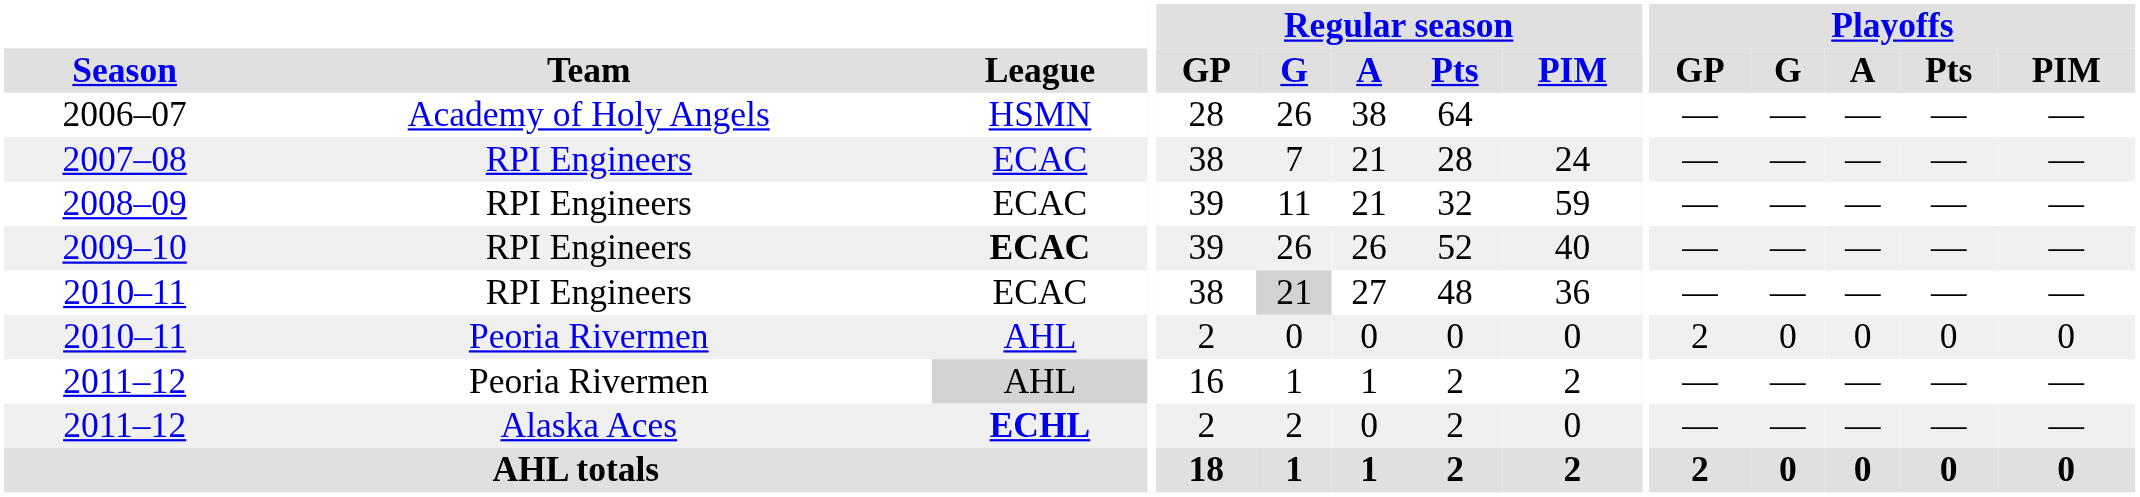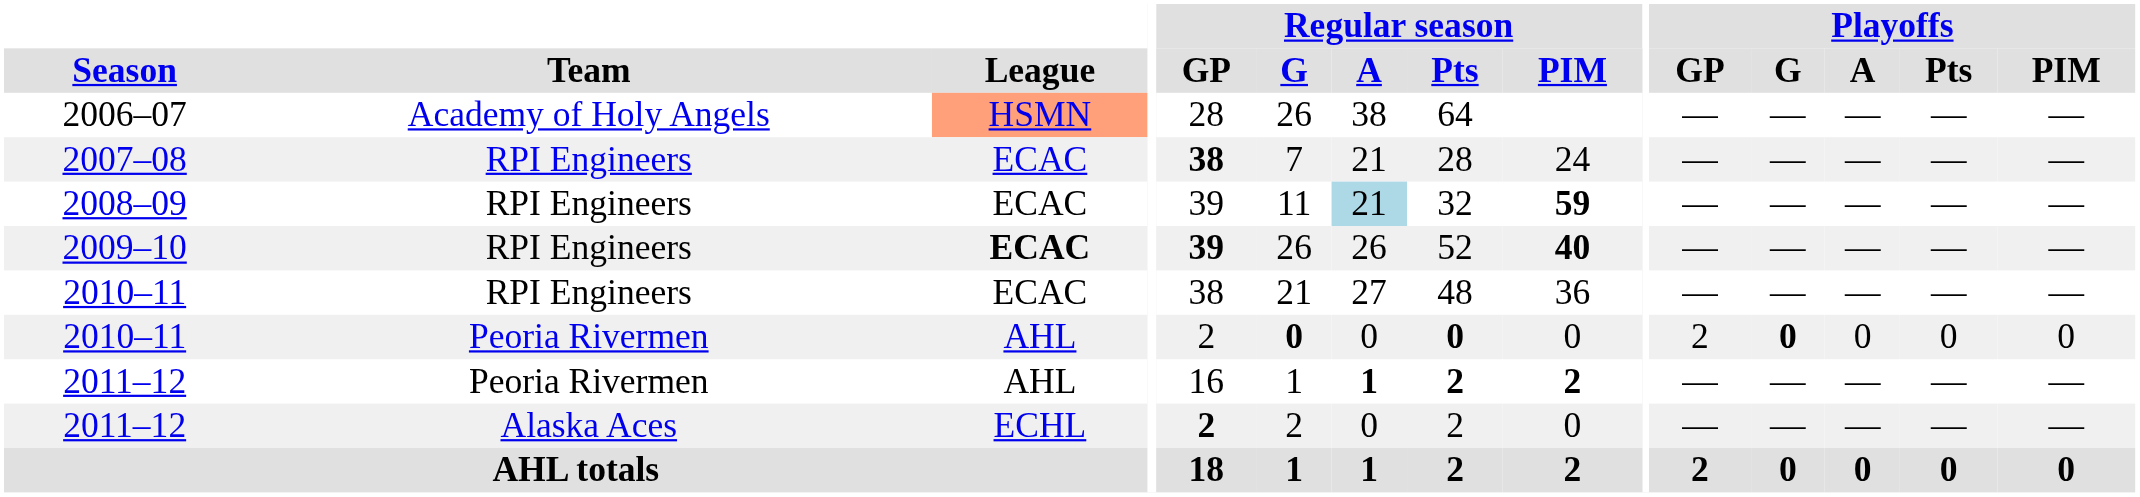 <table border="0" cellpadding="1" cellspacing="0" style="text-align:center; width:60em">
 <tr bgcolor="#e0e0e0">
 <th colspan="3" bgcolor="#ffffff"></th>
 <th rowspan="99" bgcolor="#ffffff"></th>
 <th colspan="5"><a href='#'>Regular season</a></th>
 <th rowspan="99" bgcolor="#ffffff"></th>
 <th colspan="5"><a href='#'>Playoffs</a></th>
 </tr>
 <tr bgcolor="#e0e0e0">
 <th><a href='#'>Season</a></th>
 <th>Team</th>
 <th>League</th>
 <th>GP</th>
 <th><a href='#'>G</a></th>
 <th><a href='#'>A</a></th>
 <th><a href='#'>Pts</a></th>
 <th><a href='#'>PIM</a></th>
 <th>GP</th>
 <th>G</th>
 <th>A</th>
 <th>Pts</th>
 <th>PIM</th>
 </tr>
 <tr>
 <td>2006–07</td>
 <td><a href='#'>Academy of Holy Angels</a></td>
-<td><a href='#'>HSMN</a></td>
+<td style="background: lightsalmon;"><a href='#'>HSMN</a></td>
 <td>28</td>
 <td>26</td>
 <td>38</td>
 <td>64</td>
 <td></td>
 <td>—</td>
 <td>—</td>
 <td>—</td>
 <td>—</td>
 <td>—</td>
 </tr>
 <tr bgcolor="#f0f0f0">
 <td><a href='#'>2007–08</a></td>
 <td><a href='#'>RPI Engineers</a></td>
 <td><a href='#'>ECAC</a></td>
-<td>38</td>
+<td><strong>38</strong></td>
 <td>7</td>
 <td>21</td>
 <td>28</td>
 <td>24</td>
 <td>—</td>
 <td>—</td>
 <td>—</td>
 <td>—</td>
 <td>—</td>
 </tr>
 <tr>
 <td><a href='#'>2008–09</a></td>
 <td>RPI Engineers</td>
 <td>ECAC</td>
 <td>39</td>
 <td>11</td>
-<td>21</td>
+<td style="background: lightblue;">21</td>
 <td>32</td>
-<td>59</td>
+<td><strong>59</strong></td>
 <td>—</td>
 <td>—</td>
 <td>—</td>
 <td>—</td>
 <td>—</td>
 </tr>
 <tr bgcolor="#f0f0f0">
 <td><a href='#'>2009–10</a></td>
 <td>RPI Engineers</td>
 <td><strong>ECAC</strong></td>
-<td>39</td>
+<td><strong>39</strong></td>
 <td>26</td>
 <td>26</td>
 <td>52</td>
-<td>40</td>
+<td><strong>40</strong></td>
 <td>—</td>
 <td>—</td>
 <td>—</td>
 <td>—</td>
 <td>—</td>
 </tr>
 <tr>
 <td><a href='#'>2010–11</a></td>
 <td>RPI Engineers</td>
 <td>ECAC</td>
 <td>38</td>
-<td style="background: lightgrey;">21</td>
+<td>21</td>
 <td>27</td>
 <td>48</td>
 <td>36</td>
 <td>—</td>
 <td>—</td>
 <td>—</td>
 <td>—</td>
 <td>—</td>
 </tr>
 <tr bgcolor="#f0f0f0">
 <td><a href='#'>2010–11</a></td>
 <td><a href='#'>Peoria Rivermen</a></td>
 <td><a href='#'>AHL</a></td>
 <td>2</td>
+<td><strong>0</strong></td>
 <td>0</td>
-<td>0</td>
-<td>0</td>
+<td><strong>0</strong></td>
 <td>0</td>
 <td>2</td>
-<td>0</td>
+<td><strong>0</strong></td>
 <td>0</td>
 <td>0</td>
 <td>0</td>
 </tr>
 <tr>
 <td><a href='#'>2011–12</a></td>
 <td>Peoria Rivermen</td>
-<td style="background: lightgrey;">AHL</td>
+<td>AHL</td>
 <td>16</td>
 <td>1</td>
-<td>1</td>
-<td>2</td>
-<td>2</td>
+<td><strong>1</strong></td>
+<td><strong>2</strong></td>
+<td><strong>2</strong></td>
 <td>—</td>
 <td>—</td>
 <td>—</td>
 <td>—</td>
 <td>—</td>
 </tr>
 <tr bgcolor="#f0f0f0">
 <td><a href='#'>2011–12</a></td>
 <td><a href='#'>Alaska Aces</a></td>
-<td><strong><a href='#'>ECHL</a></strong></td>
-<td>2</td>
+<td><a href='#'>ECHL</a></td>
+<td><strong>2</strong></td>
 <td>2</td>
 <td>0</td>
 <td>2</td>
 <td>0</td>
 <td>—</td>
 <td>—</td>
 <td>—</td>
 <td>—</td>
 <td>—</td>
 </tr>
 <tr bgcolor="#e0e0e0">
 <th colspan="3">AHL totals</th>
 <th>18</th>
 <th>1</th>
 <th>1</th>
 <th>2</th>
 <th>2</th>
 <th>2</th>
 <th>0</th>
 <th>0</th>
 <th>0</th>
 <th>0</th>
 </tr>
 </table>
